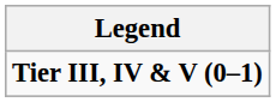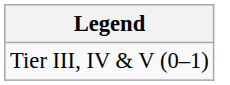 <table class=wikitable style="font-size:90%">
 <tr>
 <th>Legend</th>
 </tr>
 <tr>
-<td><strong>Tier III, IV & V (0–1)</strong></td>
+<td>Tier III, IV & V (0–1)</td>
 </tr>
 </table>
